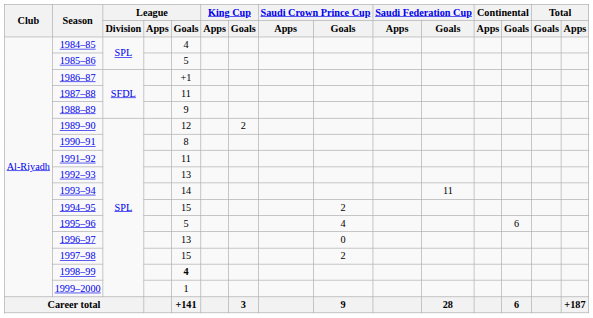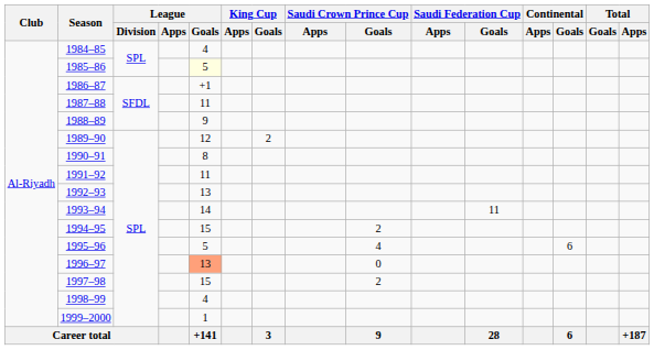 <table class="wikitable" style="text-align:center">
 <tr>
 <th rowspan="2">Club</th>
 <th rowspan="2">Season</th>
 <th colspan="3">League</th>
 <th colspan="2"><a href='#'>King Cup</a></th>
 <th colspan="2"><a href='#'>Saudi Crown Prince Cup</a></th>
 <th colspan="2"><a href='#'>Saudi Federation Cup</a></th>
 <th colspan="2">Continental</th>
 <th colspan="2">Total</th>
 </tr>
 <tr>
 <th>Division</th>
 <th>Apps</th>
 <th>Goals</th>
 <th>Apps</th>
 <th>Goals</th>
 <th>Apps</th>
 <th>Goals</th>
 <th>Apps</th>
 <th>Goals</th>
 <th>Apps</th>
 <th>Goals</th>
 <th>Goals</th>
 <th>Apps</th>
 </tr>
 <tr align=center>
 <td rowspan="16" align=center valign=center><a href='#'>Al-Riyadh</a></td>
 <td><a href='#'>1984–85</a></td>
 <td rowspan="2" align=center valign=center><a href='#'>SPL</a></td>
 <td></td>
 <td>4</td>
 <td></td>
 <td></td>
 <td></td>
 <td></td>
 <td></td>
 <td></td>
 <td></td>
 <td></td>
 <td></td>
 <td></td>
 </tr>
 <tr>
 <td><a href='#'>1985–86</a></td>
 <td></td>
-<td>5</td>
+<td style="background: lightyellow;">5</td>
 <td></td>
 <td></td>
 <td></td>
 <td></td>
 <td></td>
 <td></td>
 <td></td>
 <td></td>
 <td></td>
 <td></td>
 </tr>
 <tr>
 <td><a href='#'>1986–87</a></td>
 <td rowspan="3" align=center valign=center><a href='#'>SFDL</a></td>
 <td></td>
 <td>+1</td>
 <td></td>
 <td></td>
 <td></td>
 <td></td>
 <td></td>
 <td></td>
 <td></td>
 <td></td>
 <td></td>
 <td></td>
 </tr>
 <tr>
 <td><a href='#'>1987–88</a></td>
 <td></td>
 <td>11</td>
 <td></td>
 <td></td>
 <td></td>
 <td></td>
 <td></td>
 <td></td>
 <td></td>
 <td></td>
 <td></td>
 <td></td>
 </tr>
 <tr>
 <td><a href='#'>1988–89</a></td>
 <td></td>
 <td>9</td>
 <td></td>
 <td></td>
 <td></td>
 <td></td>
 <td></td>
 <td></td>
 <td></td>
 <td></td>
 <td></td>
 <td></td>
 </tr>
 <tr>
 <td><a href='#'>1989–90</a></td>
 <td rowspan="11" align=center valign=center><a href='#'>SPL</a></td>
 <td></td>
 <td>12</td>
 <td></td>
 <td>2</td>
 <td></td>
 <td></td>
 <td></td>
 <td></td>
 <td></td>
 <td></td>
 <td></td>
 <td></td>
 </tr>
 <tr>
 <td><a href='#'>1990–91</a></td>
 <td></td>
 <td>8</td>
 <td></td>
 <td></td>
 <td></td>
 <td></td>
 <td></td>
 <td></td>
 <td></td>
 <td></td>
 <td></td>
 <td></td>
 </tr>
 <tr>
 <td><a href='#'>1991–92</a></td>
 <td></td>
 <td>11</td>
 <td></td>
 <td></td>
 <td></td>
 <td></td>
 <td></td>
 <td></td>
 <td></td>
 <td></td>
 <td></td>
 <td></td>
 </tr>
 <tr>
 <td><a href='#'>1992–93</a></td>
 <td></td>
 <td>13</td>
 <td></td>
 <td></td>
 <td></td>
 <td></td>
 <td></td>
 <td></td>
 <td></td>
 <td></td>
 <td></td>
 <td></td>
 </tr>
 <tr>
 <td><a href='#'>1993–94</a></td>
 <td></td>
 <td>14</td>
 <td></td>
 <td></td>
 <td></td>
 <td></td>
 <td></td>
 <td>11</td>
 <td></td>
 <td></td>
 <td></td>
 <td></td>
 </tr>
 <tr>
 <td><a href='#'>1994–95</a></td>
 <td></td>
 <td>15</td>
 <td></td>
 <td></td>
 <td></td>
 <td>2</td>
 <td></td>
 <td></td>
 <td></td>
 <td></td>
 <td></td>
 <td></td>
 </tr>
 <tr>
 <td><a href='#'>1995–96</a></td>
 <td></td>
 <td>5</td>
 <td></td>
 <td></td>
 <td></td>
 <td>4</td>
 <td></td>
 <td></td>
 <td></td>
 <td>6</td>
 <td></td>
 <td></td>
 </tr>
 <tr>
 <td><a href='#'>1996–97</a></td>
 <td></td>
-<td>13</td>
+<td style="background: lightsalmon;">13</td>
 <td></td>
 <td></td>
 <td></td>
 <td>0</td>
 <td></td>
 <td></td>
 <td></td>
 <td></td>
 <td></td>
 <td></td>
 </tr>
 <tr>
 <td><a href='#'>1997–98</a></td>
 <td></td>
 <td>15</td>
 <td></td>
 <td></td>
 <td></td>
 <td>2</td>
 <td></td>
 <td></td>
 <td></td>
 <td></td>
 <td></td>
 <td></td>
 </tr>
 <tr>
 <td><a href='#'>1998–99</a></td>
 <td></td>
-<td><strong>4</strong></td>
+<td>4</td>
 <td></td>
 <td></td>
 <td></td>
 <td></td>
 <td></td>
 <td></td>
 <td></td>
 <td></td>
 <td></td>
 <td></td>
 </tr>
 <tr>
 <td><a href='#'>1999–2000</a></td>
 <td></td>
 <td>1</td>
 <td></td>
 <td></td>
 <td></td>
 <td></td>
 <td></td>
 <td></td>
 <td></td>
 <td></td>
 <td></td>
 <td></td>
 </tr>
 <tr align=center>
 <th colspan="3">Career total</th>
 <th></th>
 <th>+141</th>
 <th></th>
 <th>3</th>
 <th></th>
 <th>9</th>
 <th></th>
 <th>28</th>
 <th></th>
 <th>6</th>
 <th></th>
 <th>+187</th>
 </tr>
 </table>
